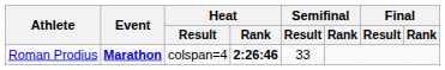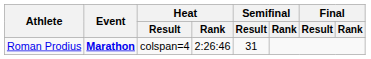 <table class="wikitable" style="font-size:90%">
 <tr>
 <th rowspan="2">Athlete</th>
 <th rowspan="2">Event</th>
 <th colspan="2">Heat</th>
 <th colspan="2">Semifinal</th>
 <th colspan="2">Final</th>
 </tr>
 <tr style="font-size:95%">
 <th>Result</th>
 <th>Rank</th>
 <th>Result</th>
 <th>Rank</th>
 <th>Result</th>
 <th>Rank</th>
 </tr>
 <tr style=text-align:center>
 <td style=text-align:left><a href='#'>Roman Prodius</a></td>
 <td style=text-align:left><strong><a href='#'>Marathon</a></strong></td>
 <td>colspan=4 </td>
-<td><strong>2:26:46</strong></td>
-<td>33</td>
+<td>2:26:46</td>
+<td>31</td>
 </tr>
 </table>
